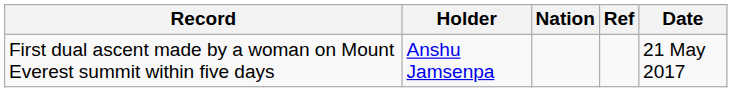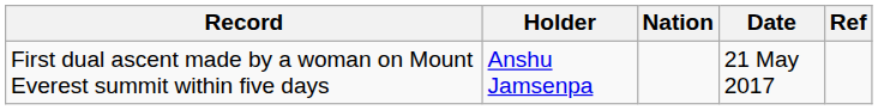 <table class="wikitable sortable">
 <tr>
 <th>Record</th>
 <th>Holder</th>
 <th>Nation</th>
+<th>Date</th>
 <th>Ref</th>
-<th>Date</th>
 </tr>
 <tr>
 <td>First dual ascent made by a woman on Mount Everest summit within five days</td>
 <td><a href='#'>Anshu Jamsenpa</a></td>
 <td></td>
+<td>21 May 2017</td>
 <td></td>
-<td>21 May 2017</td>
 </tr>
 </table>
